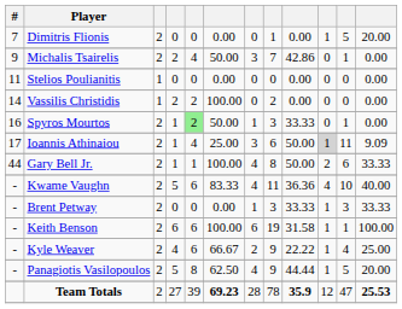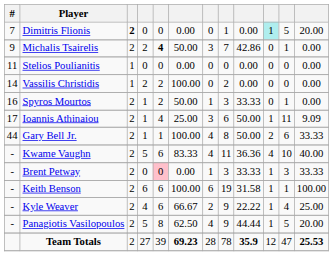 <table class="wikitable sortable" style="font-size:90%; text-align:center;">
 <tr>
 <th>#</th>
 <th>Player</th>
 <th></th>
 <th></th>
 <th></th>
 <th></th>
 <th></th>
 <th></th>
 <th></th>
 <th></th>
 <th></th>
 <th></th>
 </tr>
 <tr>
 <td>7</td>
 <td align="left"> <a href='#'>Dimitris Flionis</a></td>
-<td>2</td>
+<td><strong>2</strong></td>
 <td>0</td>
 <td>0</td>
 <td>0.00</td>
 <td>0</td>
 <td>1</td>
 <td>0.00</td>
-<td>1</td>
+<td style="background: paleturquoise;">1</td>
 <td>5</td>
 <td>20.00</td>
 </tr>
 <tr>
 </tr>
 <tr>
 <td>9</td>
 <td align="left"> <a href='#'>Michalis Tsairelis</a></td>
 <td>2</td>
 <td>2</td>
-<td>4</td>
+<td><strong>4</strong></td>
 <td>50.00</td>
 <td>3</td>
 <td>7</td>
 <td>42.86</td>
 <td>0</td>
 <td>1</td>
 <td>0.00</td>
 </tr>
 <tr>
 </tr>
 <tr>
 <td>11</td>
 <td align="left"> <a href='#'>Stelios Poulianitis</a></td>
 <td>1</td>
 <td>0</td>
 <td>0</td>
 <td>0.00</td>
 <td>0</td>
 <td>0</td>
 <td>0.00</td>
 <td>0</td>
 <td>0</td>
 <td>0.00</td>
 </tr>
 <tr>
 </tr>
 <tr>
 <td>14</td>
 <td align="left"> <a href='#'>Vassilis Christidis</a></td>
 <td>1</td>
 <td>2</td>
 <td>2</td>
 <td>100.00</td>
 <td>0</td>
 <td>2</td>
 <td>0.00</td>
 <td>0</td>
 <td>0</td>
 <td>0.00</td>
 </tr>
 <tr>
 </tr>
 <tr>
 <td>16</td>
 <td align="left"> <a href='#'>Spyros Mourtos</a></td>
 <td>2</td>
 <td>1</td>
-<td style="background: lightgreen;">2</td>
+<td>2</td>
 <td>50.00</td>
 <td>1</td>
 <td>3</td>
 <td>33.33</td>
 <td>0</td>
 <td>1</td>
 <td>0.00</td>
 </tr>
 <tr>
 </tr>
 <tr>
 <td>17</td>
 <td align="left"> <a href='#'>Ioannis Athinaiou</a></td>
 <td>2</td>
 <td>1</td>
 <td>4</td>
 <td>25.00</td>
 <td>3</td>
 <td>6</td>
 <td>50.00</td>
-<td style="background: lightgrey;">1</td>
+<td>1</td>
 <td>11</td>
 <td>9.09</td>
 </tr>
 <tr>
 </tr>
 <tr>
 <td>44</td>
 <td align="left"> <a href='#'>Gary Bell Jr.</a></td>
 <td>2</td>
 <td>1</td>
 <td>1</td>
 <td>100.00</td>
 <td>4</td>
 <td>8</td>
 <td>50.00</td>
 <td>2</td>
 <td>6</td>
 <td>33.33</td>
 </tr>
 <tr>
 </tr>
 <tr>
 <td>-</td>
 <td align="left"> <a href='#'>Kwame Vaughn</a></td>
 <td>2</td>
 <td>5</td>
 <td>6</td>
 <td>83.33</td>
 <td>4</td>
 <td>11</td>
 <td>36.36</td>
 <td>4</td>
 <td>10</td>
 <td>40.00</td>
 </tr>
 <tr>
 </tr>
 <tr>
 <td>-</td>
 <td align="left"> <a href='#'>Brent Petway</a></td>
 <td>2</td>
 <td>0</td>
-<td>0</td>
+<td style="background: pink;">0</td>
 <td>0.00</td>
 <td>1</td>
 <td>3</td>
 <td>33.33</td>
 <td>1</td>
 <td>3</td>
 <td>33.33</td>
 </tr>
 <tr>
 </tr>
 <tr>
 <td>-</td>
 <td align="left"> <a href='#'>Keith Benson</a></td>
 <td>2</td>
 <td>6</td>
 <td>6</td>
 <td>100.00</td>
 <td>6</td>
 <td>19</td>
 <td>31.58</td>
 <td>1</td>
 <td>1</td>
 <td>100.00</td>
 </tr>
 <tr>
 </tr>
 <tr>
 <td>-</td>
 <td align="left"> <a href='#'>Kyle Weaver</a></td>
 <td>2</td>
 <td>4</td>
 <td>6</td>
 <td>66.67</td>
 <td>2</td>
 <td>9</td>
 <td>22.22</td>
 <td>1</td>
 <td>4</td>
 <td>25.00</td>
 </tr>
 <tr>
 </tr>
 <tr>
 <td>-</td>
 <td align="left"> <a href='#'>Panagiotis Vasilopoulos</a></td>
 <td>2</td>
 <td>5</td>
 <td>8</td>
 <td>62.50</td>
 <td>4</td>
 <td>9</td>
 <td>44.44</td>
 <td>1</td>
 <td>5</td>
 <td>20.00</td>
 </tr>
 <tr>
 </tr>
 <tr>
 <td></td>
 <td><strong>Team Totals</strong></td>
 <td>2</td>
 <td>27</td>
 <td>39</td>
 <td><strong>69.23</strong></td>
 <td>28</td>
 <td>78</td>
 <td><strong>35.9</strong></td>
 <td>12</td>
 <td>47</td>
 <td><strong>25.53</strong></td>
 </tr>
 <tr>
 </tr>
 </table>
